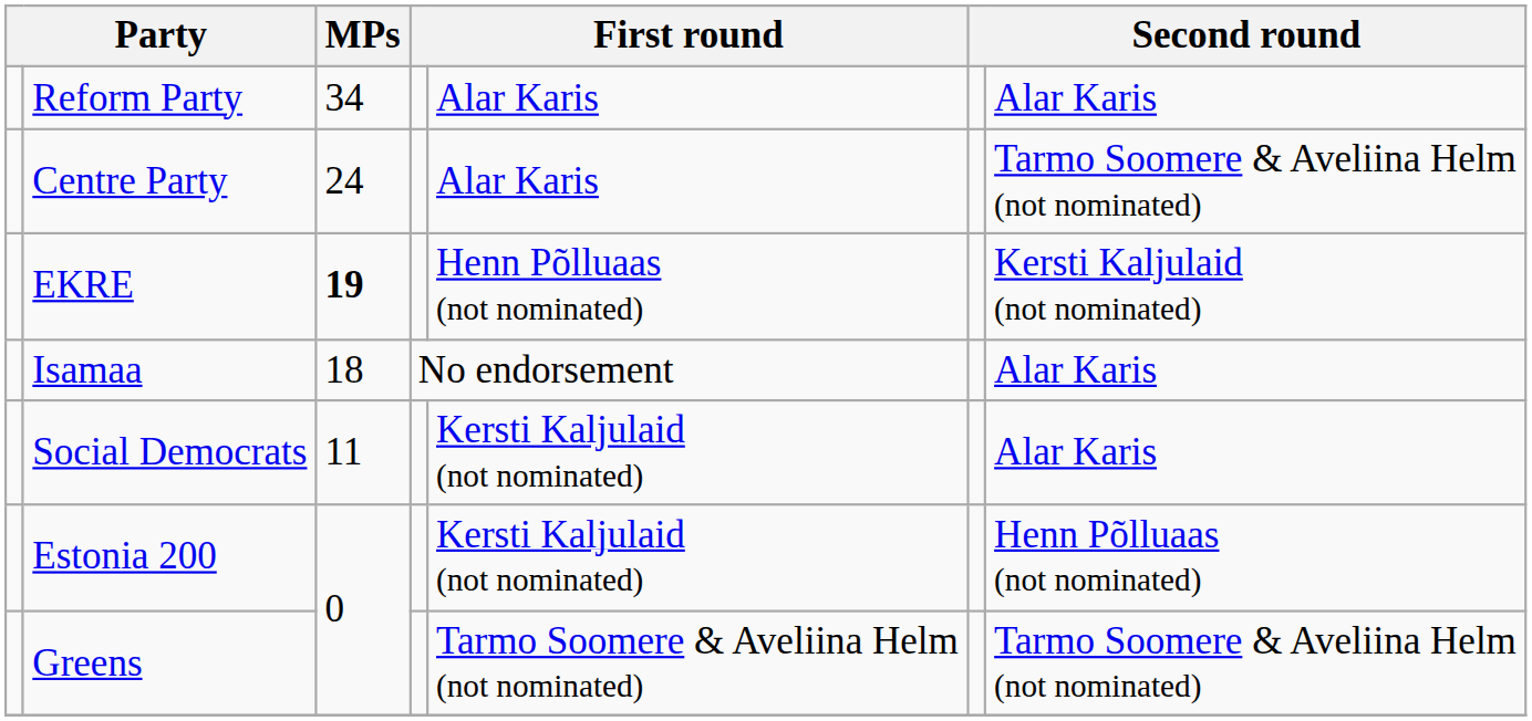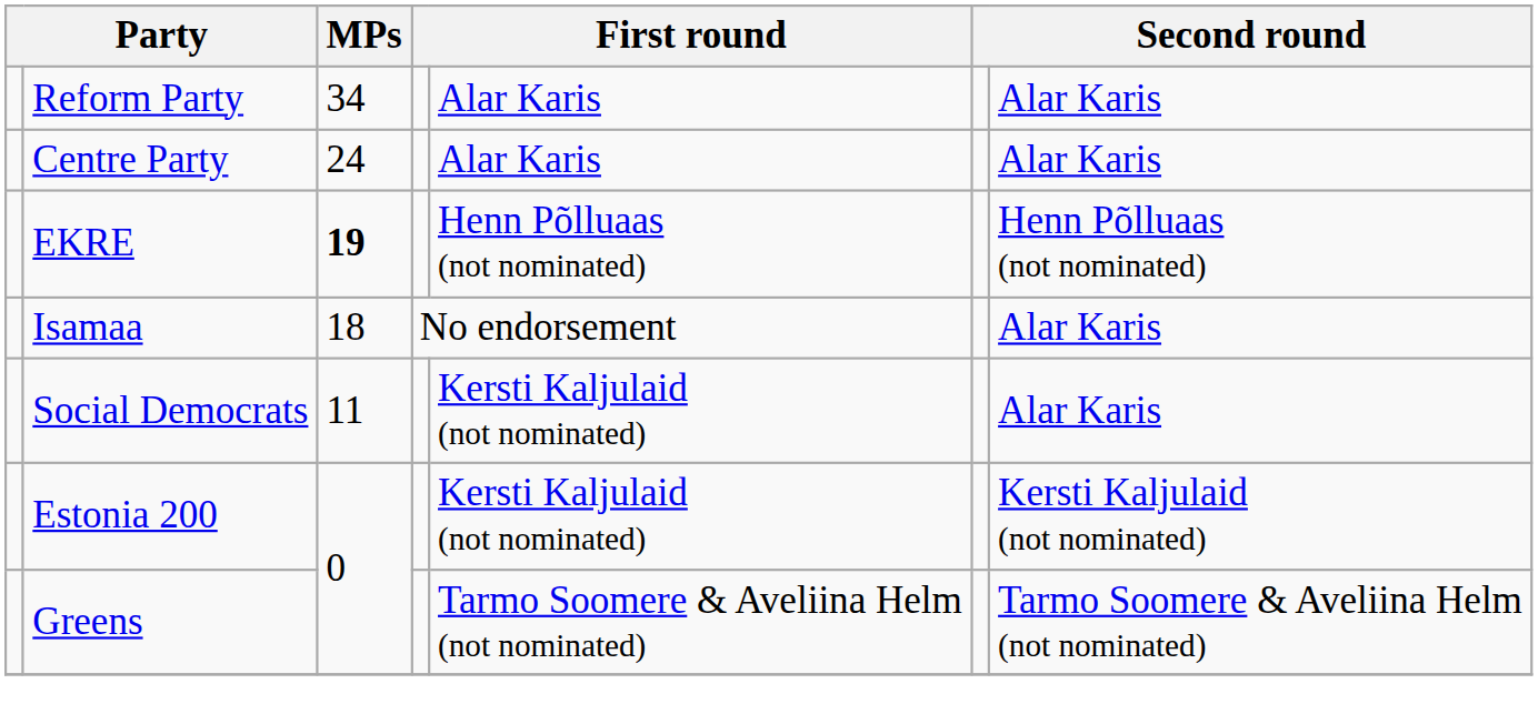 <table class="wikitable">
 <tr>
 <th colspan="2">Party</th>
 <th>MPs</th>
 <th colspan="2">First round</th>
 <th colspan="2">Second round</th>
 </tr>
 <tr>
 <td style="background-color: "></td>
 <td><a href='#'>Reform Party</a></td>
 <td>34</td>
 <td style="background-color: "></td>
 <td><a href='#'>Alar Karis</a></td>
 <td style="background-color: "></td>
 <td><a href='#'>Alar Karis</a></td>
 </tr>
 <tr>
 <td style="background-color: "></td>
 <td><a href='#'>Centre Party</a></td>
 <td>24</td>
 <td style="background-color: "></td>
 <td><a href='#'>Alar Karis</a></td>
 <td style="background-color: "></td>
-<td><a href='#'>Tarmo Soomere</a> & Aveliina Helm<br><small>(not nominated)</small></td>
+<td><a href='#'>Alar Karis</a></td>
 </tr>
 <tr>
 <td style="background-color: "></td>
 <td><a href='#'>EKRE</a></td>
 <td><strong>19</strong></td>
 <td style="background-color: "></td>
 <td><a href='#'>Henn Põlluaas</a><br><small>(not nominated)</small></td>
 <td style="background-color: "></td>
-<td><a href='#'>Kersti Kaljulaid</a><br><small>(not nominated)</small></td>
+<td><a href='#'>Henn Põlluaas</a><br><small>(not nominated)</small></td>
 </tr>
 <tr>
 <td style="background-color: "></td>
 <td><a href='#'>Isamaa</a></td>
 <td>18</td>
 <td colspan="2">No endorsement</td>
 <td style="background-color: "></td>
 <td><a href='#'>Alar Karis</a></td>
 </tr>
 <tr>
 <td style="background-color: "></td>
 <td><a href='#'>Social Democrats</a></td>
 <td>11</td>
 <td style="background-color: "></td>
 <td><a href='#'>Kersti Kaljulaid</a><br><small>(not nominated)</small></td>
 <td style="background-color: "></td>
 <td><a href='#'>Alar Karis</a></td>
 </tr>
 <tr>
 <td style="background-color: "></td>
 <td><a href='#'>Estonia 200</a></td>
 <td rowspan="2">0</td>
 <td style="background-color: "></td>
 <td><a href='#'>Kersti Kaljulaid</a><br><small>(not nominated)</small></td>
 <td style="background-color: "></td>
-<td><a href='#'>Henn Põlluaas</a><br><small>(not nominated)</small></td>
+<td><a href='#'>Kersti Kaljulaid</a><br><small>(not nominated)</small></td>
 </tr>
 <tr>
 <td style="background-color: "></td>
 <td><a href='#'>Greens</a></td>
 <td style="background-color: "></td>
 <td><a href='#'>Tarmo Soomere</a> & Aveliina Helm<br><small>(not nominated)</small></td>
 <td style="background-color: "></td>
 <td><a href='#'>Tarmo Soomere</a> & Aveliina Helm<br><small>(not nominated)</small></td>
 </tr>
 <tr>
 </tr>
 </table>
